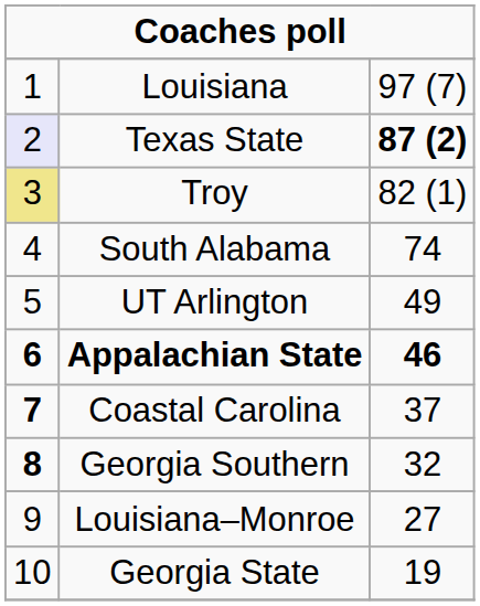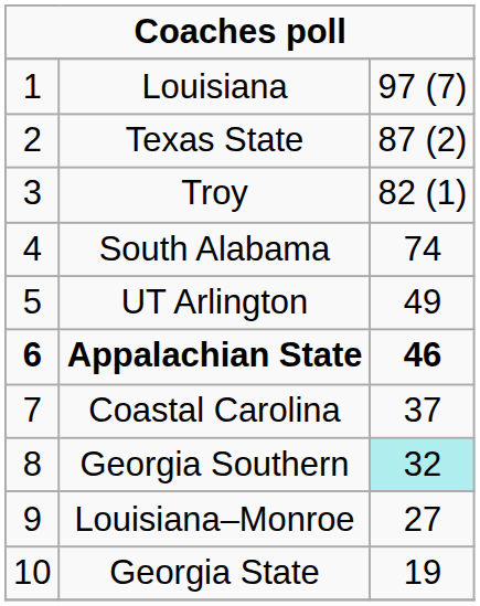 <table class="wikitable">
 <tr align="center">
 <td align="center" Colspan="3"><strong>Coaches poll</strong></td>
 </tr>
 <tr align="center">
 </tr>
 <tr align="center">
 <td>1</td>
 <td>Louisiana</td>
 <td>97 (7)</td>
 </tr>
 <tr align="center">
-<td style="background: lavender;">2</td>
+<td>2</td>
 <td>Texas State</td>
-<td><strong>87 (2)</strong></td>
+<td>87 (2)</td>
 </tr>
 <tr align="center">
-<td style="background: khaki;">3</td>
+<td>3</td>
 <td>Troy</td>
 <td>82 (1)</td>
 </tr>
 <tr align="center">
 <td>4</td>
 <td>South Alabama</td>
 <td>74</td>
 </tr>
 <tr align="center">
 <td>5</td>
 <td>UT Arlington</td>
 <td>49</td>
 </tr>
 <tr align="center">
 <td><strong>6</strong></td>
 <td><strong>Appalachian State</strong></td>
 <td><strong>46</strong></td>
 </tr>
 <tr align="center">
-<td><strong>7</strong></td>
+<td>7</td>
 <td>Coastal Carolina</td>
 <td>37</td>
 </tr>
 <tr align="center">
-<td><strong>8</strong></td>
+<td>8</td>
 <td>Georgia Southern</td>
-<td>32</td>
+<td style="background: paleturquoise;">32</td>
 </tr>
 <tr align="center">
 <td>9</td>
 <td>Louisiana–Monroe</td>
 <td>27</td>
 </tr>
 <tr align="center">
 <td>10</td>
 <td>Georgia State</td>
 <td>19</td>
 </tr>
 <tr align="center">
 </tr>
 </table>
